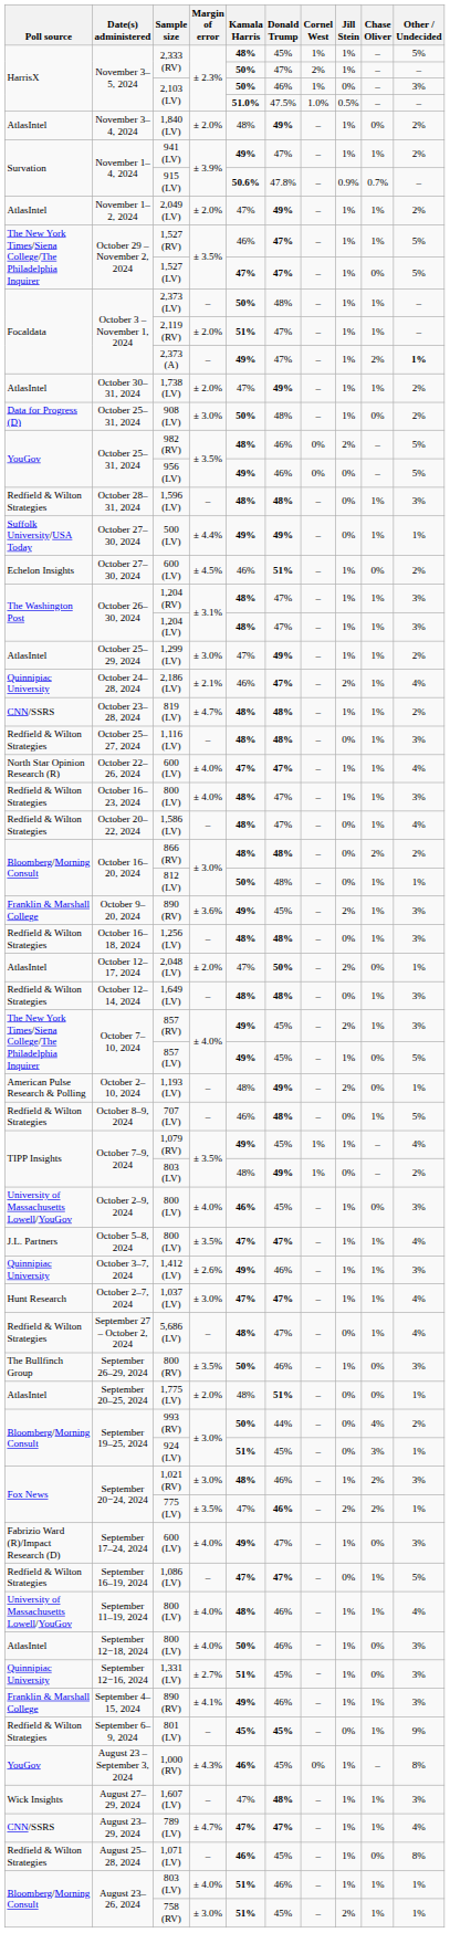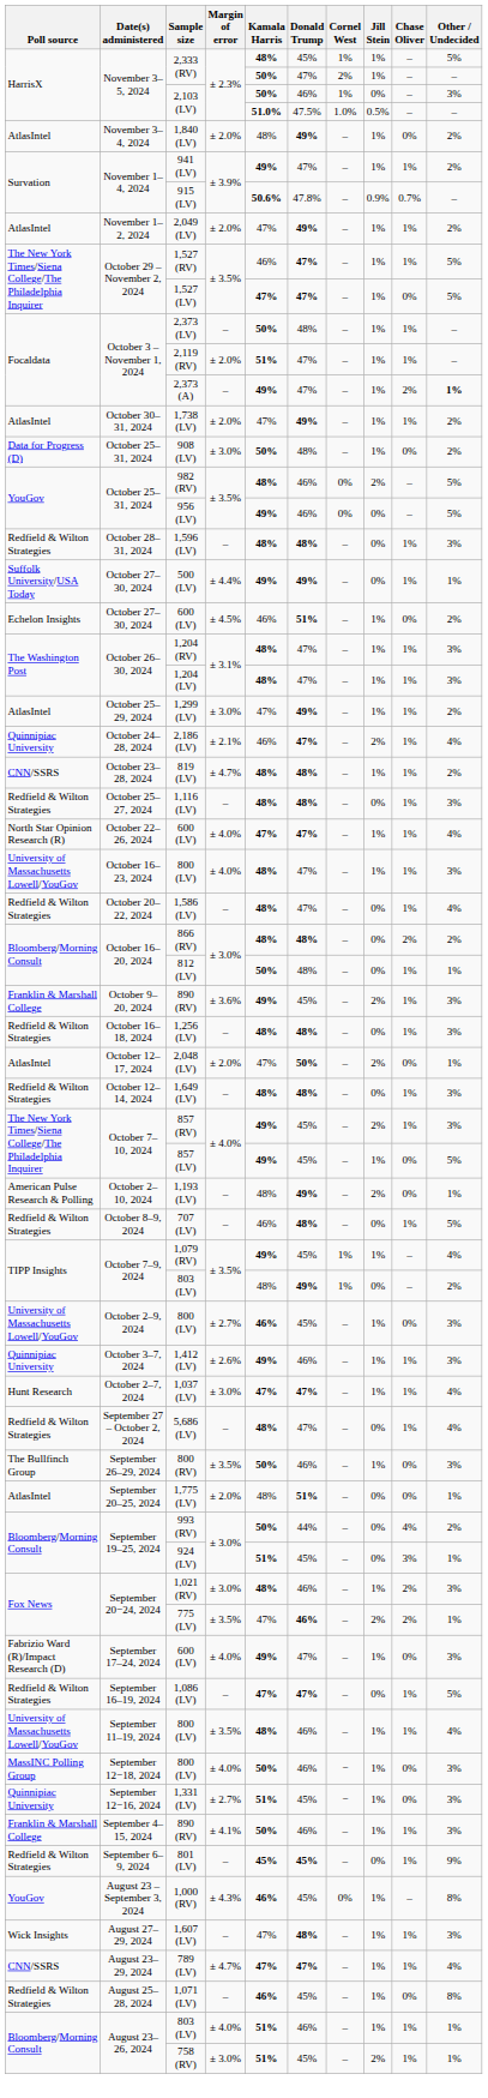 <table class="wikitable sortable mw-datatable" style="font-size:90%;text-align:center;line-height:17px">
 <tr valign=bottom>
 <th>Poll source</th>
 <th>Date(s)<br>administered</th>
 <th>Sample<br>size</th>
 <th>Margin<br>of error</th>
 <th class="unsortable">Kamala<br>Harris<br></th>
 <th class="unsortable">Donald<br>Trump<br></th>
 <th class="unsortable">Cornel<br>West<br></th>
 <th class="unsortable">Jill<br>Stein<br></th>
 <th class="unsortable">Chase<br>Oliver<br></th>
 <th class="unsortable">Other /<br>Undecided</th>
 </tr>
 <tr>
 <td style="text-align:left;" rowspan="4">HarrisX</td>
 <td rowspan="4">November 3–5, 2024</td>
 <td rowspan="2">2,333 (RV)</td>
 <td rowspan="4">± 2.3%</td>
 <td style="background-color:"><strong>48%</strong></td>
 <td>45%</td>
 <td>1%</td>
 <td>1%</td>
 <td>–</td>
 <td>5%</td>
 </tr>
 <tr>
 <td style="background-color:"><strong>50%</strong></td>
 <td>47%</td>
 <td>2%</td>
 <td>1%</td>
 <td>–</td>
 <td>–</td>
 </tr>
 <tr>
 <td rowspan="2">2,103 (LV)</td>
 <td style="background-color:"><strong>50%</strong></td>
 <td>46%</td>
 <td>1%</td>
 <td>0%</td>
 <td>–</td>
 <td>3%</td>
 </tr>
 <tr>
 <td style="background-color:"><strong>51.0%</strong></td>
 <td>47.5%</td>
 <td>1.0%</td>
 <td>0.5%</td>
 <td>–</td>
 <td>–</td>
 </tr>
 <tr>
 <td style="text-align:left;">AtlasIntel</td>
 <td data-sort-value="2024-11-04">November 3–4, 2024</td>
 <td>1,840 (LV)</td>
 <td>± 2.0%</td>
 <td>48%</td>
 <td style="background-color:"><strong>49%</strong></td>
 <td>–</td>
 <td>1%</td>
 <td>0%</td>
 <td>2%</td>
 </tr>
 <tr>
 <td style="text-align:left;" rowspan="2">Survation</td>
 <td rowspan="2">November 1–4, 2024</td>
 <td>941 (LV)</td>
 <td rowspan="2">± 3.9%</td>
 <td style="color:black;background-color:"><strong>49%</strong></td>
 <td>47%</td>
 <td>–</td>
 <td>1%</td>
 <td>1%</td>
 <td>2%</td>
 </tr>
 <tr>
 <td>915 (LV)</td>
 <td style="color:black;background-color:"><strong>50.6%</strong></td>
 <td>47.8%</td>
 <td>–</td>
 <td>0.9%</td>
 <td>0.7%</td>
 <td>–</td>
 </tr>
 <tr>
 <td style="text-align:left;">AtlasIntel</td>
 <td data-sort-value="2024-11-02">November 1–2, 2024</td>
 <td>2,049 (LV)</td>
 <td>± 2.0%</td>
 <td>47%</td>
 <td style="background-color:"><strong>49%</strong></td>
 <td>–</td>
 <td>1%</td>
 <td>1%</td>
 <td>2%</td>
 </tr>
 <tr>
 <td style="text-align:left;" rowspan="2"><a href='#'>The New York Times</a>/<a href='#'>Siena College</a>/<a href='#'>The Philadelphia Inquirer</a></td>
 <td rowspan="2">October 29 – November 2, 2024</td>
 <td>1,527 (RV)</td>
 <td rowspan="2">± 3.5%</td>
 <td>46%</td>
 <td style="background-color:"><strong>47%</strong></td>
 <td>–</td>
 <td>1%</td>
 <td>1%</td>
 <td>5%</td>
 </tr>
 <tr>
 <td>1,527 (LV)</td>
 <td><strong>47%</strong></td>
 <td><strong>47%</strong></td>
 <td>–</td>
 <td>1%</td>
 <td>0%</td>
 <td>5%</td>
 </tr>
 <tr>
 <td style="text-align:left;" rowspan="3">Focaldata</td>
 <td rowspan="3">October 3 – November 1, 2024</td>
 <td>2,373 (LV)</td>
 <td>–</td>
 <td style="background-color:"><strong>50%</strong></td>
 <td>48%</td>
 <td>–</td>
 <td>1%</td>
 <td>1%</td>
 <td>–</td>
 </tr>
 <tr>
 <td>2,119 (RV)</td>
 <td>± 2.0%</td>
 <td style="background-color:"><strong>51%</strong></td>
 <td>47%</td>
 <td>–</td>
 <td>1%</td>
 <td>1%</td>
 <td>–</td>
 </tr>
 <tr>
 <td>2,373 (A)</td>
 <td>–</td>
 <td style="background-color:"><strong>49%</strong></td>
 <td>47%</td>
 <td>–</td>
 <td>1%</td>
 <td>2%</td>
 <td><strong>1%</strong></td>
 </tr>
 <tr>
 <td style="text-align:left;">AtlasIntel</td>
 <td data-sort-value="2024-10-29">October 30–31, 2024</td>
 <td>1,738 (LV)</td>
 <td>± 2.0%</td>
 <td>47%</td>
 <td style="background-color:"><strong>49%</strong></td>
 <td>–</td>
 <td>1%</td>
 <td>1%</td>
 <td>2%</td>
 </tr>
 <tr>
 <td style="text-align:left;"><a href='#'>Data for Progress (D)</a></td>
 <td data-sort-value="2024-10-31">October 25–31, 2024</td>
 <td>908 (LV)</td>
 <td>± 3.0%</td>
 <td style="color:black;background-color:"><strong>50%</strong></td>
 <td>48%</td>
 <td>–</td>
 <td>1%</td>
 <td>0%</td>
 <td>2%</td>
 </tr>
 <tr>
 <td style="text-align:left;" rowspan="2"><a href='#'>YouGov</a></td>
 <td rowspan="2">October 25–31, 2024</td>
 <td>982 (RV)</td>
 <td rowspan="2">± 3.5%</td>
 <td style="color:black;background-color:"><strong>48%</strong></td>
 <td>46%</td>
 <td>0%</td>
 <td>2%</td>
 <td>–</td>
 <td>5%</td>
 </tr>
 <tr>
 <td>956 (LV)</td>
 <td style="color:black;background-color:"><strong>49%</strong></td>
 <td>46%</td>
 <td>0%</td>
 <td>0%</td>
 <td>–</td>
 <td>5%</td>
 </tr>
 <tr>
 <td style="text-align:left;">Redfield & Wilton Strategies</td>
 <td data-sort-value="2024-10-31">October 28–31, 2024</td>
 <td>1,596 (LV)</td>
 <td>–</td>
 <td><strong>48%</strong></td>
 <td><strong>48%</strong></td>
 <td>–</td>
 <td>0%</td>
 <td>1%</td>
 <td>3%</td>
 </tr>
 <tr>
 <td style="text-align:left;"><a href='#'>Suffolk University</a>/<a href='#'>USA Today</a></td>
 <td data-sort-value="2024-10-30">October 27–30, 2024</td>
 <td>500 (LV)</td>
 <td>± 4.4%</td>
 <td><strong>49%</strong></td>
 <td><strong>49%</strong></td>
 <td>–</td>
 <td>0%</td>
 <td>1%</td>
 <td>1%</td>
 </tr>
 <tr>
 <td style="text-align:left;">Echelon Insights</td>
 <td data-sort-value="2024-10-30">October 27–30, 2024</td>
 <td>600 (LV)</td>
 <td>± 4.5%</td>
 <td>46%</td>
 <td style="background-color:"><strong>51%</strong></td>
 <td>–</td>
 <td>1%</td>
 <td>0%</td>
 <td>2%</td>
 </tr>
 <tr>
 <td style="text-align:left;" rowspan="2"><a href='#'>The Washington Post</a></td>
 <td rowspan="2">October 26–30, 2024</td>
 <td>1,204 (RV)</td>
 <td rowspan="2">± 3.1%</td>
 <td style="color:black;background-color:"><strong>48%</strong></td>
 <td>47%</td>
 <td>–</td>
 <td>1%</td>
 <td>1%</td>
 <td>3%</td>
 </tr>
 <tr>
 <td>1,204 (LV)</td>
 <td style="color:black;background-color:"><strong>48%</strong></td>
 <td>47%</td>
 <td>–</td>
 <td>1%</td>
 <td>1%</td>
 <td>3%</td>
 </tr>
 <tr>
 <td style="text-align:left;">AtlasIntel</td>
 <td data-sort-value="2024-10-29">October 25–29, 2024</td>
 <td>1,299 (LV)</td>
 <td>± 3.0%</td>
 <td>47%</td>
 <td style="background-color:"><strong>49%</strong></td>
 <td>–</td>
 <td>1%</td>
 <td>1%</td>
 <td>2%</td>
 </tr>
 <tr>
 <td style="text-align:left;"><a href='#'>Quinnipiac University</a></td>
 <td data-sort-value="2024-10-28">October 24–28, 2024</td>
 <td>2,186 (LV)</td>
 <td>± 2.1%</td>
 <td>46%</td>
 <td style="background-color:"><strong>47%</strong></td>
 <td>–</td>
 <td>2%</td>
 <td>1%</td>
 <td>4%</td>
 </tr>
 <tr>
 <td style="text-align:left;"><a href='#'>CNN</a>/SSRS</td>
 <td data-sort-value="2024-10-28">October 23–28, 2024</td>
 <td>819 (LV)</td>
 <td>± 4.7%</td>
 <td><strong>48%</strong></td>
 <td><strong>48%</strong></td>
 <td>–</td>
 <td>1%</td>
 <td>1%</td>
 <td>2%</td>
 </tr>
 <tr>
 <td style="text-align:left;">Redfield & Wilton Strategies</td>
 <td data-sort-value="2024-10-27">October 25–27, 2024</td>
 <td>1,116 (LV)</td>
 <td>–</td>
 <td><strong>48%</strong></td>
 <td><strong>48%</strong></td>
 <td>–</td>
 <td>0%</td>
 <td>1%</td>
 <td>3%</td>
 </tr>
 <tr>
 <td style="text-align:left;">North Star Opinion Research (R)</td>
 <td data-sort-value="2024-10-26">October 22–26, 2024</td>
 <td>600 (LV)</td>
 <td>± 4.0%</td>
 <td><strong>47%</strong></td>
 <td><strong>47%</strong></td>
 <td>–</td>
 <td>1%</td>
 <td>1%</td>
 <td>4%</td>
 </tr>
 <tr>
-<td style="text-align:left;">Redfield & Wilton Strategies</td>
+<td style="text-align:left;"><a href='#'>University of Massachusetts Lowell</a>/<a href='#'>YouGov</a></td>
 <td data-sort-value="2024-10-23">October 16–23, 2024</td>
 <td>800 (LV)</td>
 <td>± 4.0%</td>
 <td style="color:black;background-color:"><strong>48%</strong></td>
 <td>47%</td>
 <td>–</td>
 <td>1%</td>
 <td>1%</td>
 <td>3%</td>
 </tr>
 <tr>
 <td style="text-align:left;">Redfield & Wilton Strategies</td>
 <td data-sort-value="2024-10-22">October 20–22, 2024</td>
 <td>1,586 (LV)</td>
 <td>–</td>
 <td style="color:black;background-color:"><strong>48%</strong></td>
 <td>47%</td>
 <td>–</td>
 <td>0%</td>
 <td>1%</td>
 <td>4%</td>
 </tr>
 <tr>
 <td rowspan="2" style="text-align:left;"><a href='#'>Bloomberg</a>/<a href='#'>Morning Consult</a></td>
 <td rowspan="2">October 16–20, 2024</td>
 <td>866 (RV)</td>
 <td rowspan="2">± 3.0%</td>
 <td><strong>48%</strong></td>
 <td><strong>48%</strong></td>
 <td>–</td>
 <td>0%</td>
 <td>2%</td>
 <td>2%</td>
 </tr>
 <tr>
 <td>812 (LV)</td>
 <td style="color:black;background-color:"><strong>50%</strong></td>
 <td>48%</td>
 <td>–</td>
 <td>0%</td>
 <td>1%</td>
 <td>1%</td>
 </tr>
 <tr>
 <td style="text-align:left;"><a href='#'>Franklin & Marshall College</a></td>
 <td data-sort-value="2024-10-20">October 9–20, 2024</td>
 <td>890 (RV)</td>
 <td>± 3.6%</td>
 <td style="color:black;background-color:"><strong>49%</strong></td>
 <td>45%</td>
 <td>–</td>
 <td>2%</td>
 <td>1%</td>
 <td>3%</td>
 </tr>
 <tr>
 <td style="text-align:left;">Redfield & Wilton Strategies</td>
 <td data-sort-value="2024-10-18">October 16–18, 2024</td>
 <td>1,256 (LV)</td>
 <td>–</td>
 <td><strong>48%</strong></td>
 <td><strong>48%</strong></td>
 <td>–</td>
 <td>0%</td>
 <td>1%</td>
 <td>3%</td>
 </tr>
 <tr>
 <td style="text-align:left;">AtlasIntel</td>
 <td data-sort-value="2024-10-17">October 12–17, 2024</td>
 <td>2,048 (LV)</td>
 <td>± 2.0%</td>
 <td>47%</td>
 <td style="background-color:"><strong>50%</strong></td>
 <td>–</td>
 <td>2%</td>
 <td>0%</td>
 <td>1%</td>
 </tr>
 <tr>
 <td style="text-align:left;">Redfield & Wilton Strategies</td>
 <td data-sort-value="2024-10-14">October 12–14, 2024</td>
 <td>1,649 (LV)</td>
 <td>–</td>
 <td><strong>48%</strong></td>
 <td><strong>48%</strong></td>
 <td>–</td>
 <td>0%</td>
 <td>1%</td>
 <td>3%</td>
 </tr>
 <tr>
 <td style="text-align:left;" rowspan="2"><a href='#'>The New York Times</a>/<a href='#'>Siena College</a>/<a href='#'>The Philadelphia Inquirer</a></td>
 <td rowspan="2">October 7–10, 2024</td>
 <td>857 (RV)</td>
 <td rowspan="2">± 4.0%</td>
 <td style="color:black;background-color:"><strong>49%</strong></td>
 <td>45%</td>
 <td>–</td>
 <td>2%</td>
 <td>1%</td>
 <td>3%</td>
 </tr>
 <tr>
 <td>857 (LV)</td>
 <td style="color:black;background-color:"><strong>49%</strong></td>
 <td>45%</td>
 <td>–</td>
 <td>1%</td>
 <td>0%</td>
 <td>5%</td>
 </tr>
 <tr>
 <td style="text-align:left;">American Pulse Research & Polling</td>
 <td data-sort-value="2024-10-10">October 2–10, 2024</td>
 <td>1,193 (LV)</td>
 <td>–</td>
 <td>48%</td>
 <td style="background-color:"><strong>49%</strong></td>
 <td>–</td>
 <td>2%</td>
 <td>0%</td>
 <td>1%</td>
 </tr>
 <tr>
 <td style="text-align:left;">Redfield & Wilton Strategies</td>
 <td data-sort-value="2024-10-09">October 8–9, 2024</td>
 <td>707 (LV)</td>
 <td>–</td>
 <td>46%</td>
 <td style="background-color:"><strong>48%</strong></td>
 <td>–</td>
 <td>0%</td>
 <td>1%</td>
 <td>5%</td>
 </tr>
 <tr>
 <td style="text-align:left;" rowspan="2">TIPP Insights</td>
 <td rowspan="2">October 7–9, 2024</td>
 <td>1,079 (RV)</td>
 <td rowspan="2">± 3.5%</td>
 <td style="color:black;background-color:"><strong>49%</strong></td>
 <td>45%</td>
 <td>1%</td>
 <td>1%</td>
 <td>–</td>
 <td>4%</td>
 </tr>
 <tr>
 <td>803 (LV)</td>
 <td>48%</td>
 <td style="background-color:"><strong>49%</strong></td>
 <td>1%</td>
 <td>0%</td>
 <td>–</td>
 <td>2%</td>
 </tr>
 <tr>
 <td style="text-align:left;"><a href='#'>University of Massachusetts Lowell</a>/<a href='#'>YouGov</a></td>
 <td data-sort-value="2024-10-09">October 2–9, 2024</td>
 <td>800 (LV)</td>
-<td>± 4.0%</td>
+<td>± 2.7%</td>
 <td style="color:black;background-color:"><strong>46%</strong></td>
 <td>45%</td>
 <td>–</td>
 <td>1%</td>
 <td>0%</td>
 <td>3%</td>
-</tr>
-<tr>
-<td style="text-align:left;">J.L. Partners</td>
-<td data-sort-value="2024-10-08">October 5–8, 2024</td>
-<td>800 (LV)</td>
-<td>± 3.5%</td>
-<td><strong>47%</strong></td>
-<td><strong>47%</strong></td>
-<td>–</td>
-<td>1%</td>
-<td>1%</td>
-<td>4%</td>
 </tr>
 <tr>
 <td style="text-align:left;"><a href='#'>Quinnipiac University</a></td>
 <td data-sort-value="2024-10-07">October 3–7, 2024</td>
 <td>1,412 (LV)</td>
 <td>± 2.6%</td>
 <td style="color:black;background-color:"><strong>49%</strong></td>
 <td>46%</td>
 <td>–</td>
 <td>1%</td>
 <td>1%</td>
 <td>3%</td>
 </tr>
 <tr>
 <td style="text-align:left;">Hunt Research</td>
 <td data-sort-value="2024-10-07">October 2–7, 2024</td>
 <td>1,037 (LV)</td>
 <td>± 3.0%</td>
 <td><strong>47%</strong></td>
 <td><strong>47%</strong></td>
 <td>–</td>
 <td>1%</td>
 <td>1%</td>
 <td>4%</td>
 </tr>
 <tr>
 <td style="text-align:left;">Redfield & Wilton Strategies</td>
 <td data-sort-value="2024-10-02">September 27 – October 2, 2024</td>
 <td>5,686 (LV)</td>
 <td>–</td>
 <td style="color:black;background-color:"><strong>48%</strong></td>
 <td>47%</td>
 <td>–</td>
 <td>0%</td>
 <td>1%</td>
 <td>4%</td>
 </tr>
 <tr>
 <td style="text-align:left;">The Bullfinch Group</td>
 <td data-sort-value="2024-09-29">September 26–29, 2024</td>
 <td>800 (RV)</td>
 <td>± 3.5%</td>
 <td style="color:black;background-color:"><strong>50%</strong></td>
 <td>46%</td>
 <td>–</td>
 <td>1%</td>
 <td>0%</td>
 <td>3%</td>
 </tr>
 <tr>
 <td style="text-align:left;">AtlasIntel</td>
 <td data-sort-value="2024-09-25">September 20–25, 2024</td>
 <td>1,775 (LV)</td>
 <td>± 2.0%</td>
 <td>48%</td>
 <td style="background-color:"><strong>51%</strong></td>
 <td>–</td>
 <td>0%</td>
 <td>0%</td>
 <td>1%</td>
 </tr>
 <tr>
 <td rowspan="2" style="text-align:left;"><a href='#'>Bloomberg</a>/<a href='#'>Morning Consult</a></td>
 <td rowspan="2">September 19–25, 2024</td>
 <td>993 (RV)</td>
 <td rowspan="2">± 3.0%</td>
 <td style="color:black;background-color:"><strong>50%</strong></td>
 <td>44%</td>
 <td>–</td>
 <td>0%</td>
 <td>4%</td>
 <td>2%</td>
 </tr>
 <tr>
 <td>924 (LV)</td>
 <td style="color:black;background-color:"><strong>51%</strong></td>
 <td>45%</td>
 <td>–</td>
 <td>0%</td>
 <td>3%</td>
 <td>1%</td>
 </tr>
 <tr>
 <td style="text-align:left;" rowspan="2"><a href='#'>Fox News</a></td>
 <td rowspan="2">September 20−24, 2024</td>
 <td>1,021 (RV)</td>
 <td>± 3.0%</td>
 <td style="color:black;background-color:"><strong>48%</strong></td>
 <td>46%</td>
 <td>–</td>
 <td>1%</td>
 <td>2%</td>
 <td>3%</td>
 </tr>
 <tr>
 <td>775 (LV)</td>
 <td>± 3.5%</td>
 <td>47%</td>
 <td style="background-color:"><strong>46%</strong></td>
 <td>–</td>
 <td>2%</td>
 <td>2%</td>
 <td>1%</td>
 </tr>
 <tr>
 <td style="text-align:left;">Fabrizio Ward (R)/Impact Research (D)</td>
 <td data-sort-value="2024-09-24">September 17–24, 2024</td>
 <td>600 (LV)</td>
 <td>± 4.0%</td>
 <td style="color:black;background-color:"><strong>49%</strong></td>
 <td>47%</td>
 <td>–</td>
 <td>1%</td>
 <td>0%</td>
 <td>3%</td>
 </tr>
 <tr>
 <td style="text-align:left;">Redfield & Wilton Strategies</td>
 <td data-sort-value="2024-09-19">September 16–19, 2024</td>
 <td>1,086 (LV)</td>
 <td>–</td>
 <td><strong>47%</strong></td>
 <td><strong>47%</strong></td>
 <td>–</td>
 <td>0%</td>
 <td>1%</td>
 <td>5%</td>
 </tr>
 <tr>
 <td style="text-align:left;"><a href='#'>University of Massachusetts Lowell</a>/<a href='#'>YouGov</a></td>
 <td data-sort-value="2024-09-19">September 11–19, 2024</td>
 <td>800 (LV)</td>
-<td>± 4.0%</td>
+<td>± 3.5%</td>
 <td style="color:black;background-color:"><strong>48%</strong></td>
 <td>46%</td>
 <td>–</td>
 <td>1%</td>
 <td>1%</td>
 <td>4%</td>
 </tr>
 <tr>
-<td style="text-align:left;">AtlasIntel</td>
+<td style="text-align:left;"><a href='#'>MassINC Polling Group</a></td>
 <td data-sort-value="2024-09-18">September 12−18, 2024</td>
 <td>800 (LV)</td>
 <td>± 4.0%</td>
 <td style="color:black;background-color:"><strong>50%</strong></td>
 <td>46%</td>
 <td>−</td>
 <td>1%</td>
 <td>0%</td>
 <td>3%</td>
 </tr>
 <tr>
 <td style="text-align:left;"><a href='#'>Quinnipiac University</a></td>
 <td data-sort-value="2024-09-16">September 12−16, 2024</td>
 <td>1,331 (LV)</td>
 <td>± 2.7%</td>
 <td style="color:black;background-color:"><strong>51%</strong></td>
 <td>45%</td>
 <td>−</td>
 <td>1%</td>
 <td>0%</td>
 <td>3%</td>
 </tr>
 <tr>
 <td style="text-align:left;"><a href='#'>Franklin & Marshall College</a></td>
 <td data-sort-value="2024-09-15">September 4–15, 2024</td>
 <td>890 (RV)</td>
 <td>± 4.1%</td>
-<td style="color:black;background-color:"><strong>49%</strong></td>
+<td style="color:black;background-color:"><strong>50%</strong></td>
 <td>46%</td>
 <td>–</td>
 <td>1%</td>
 <td>1%</td>
 <td>3%</td>
 </tr>
 <tr>
 <td style="text-align:left;">Redfield & Wilton Strategies</td>
 <td data-sort-value="2024-09-6">September 6–9, 2024</td>
 <td>801 (LV)</td>
 <td>–</td>
 <td><strong>45%</strong></td>
 <td><strong>45%</strong></td>
 <td>–</td>
 <td>0%</td>
 <td>1%</td>
 <td>9%</td>
 </tr>
 <tr>
 <td style="text-align:left;"><a href='#'>YouGov</a></td>
 <td data-sort-value="2024-09-03">August 23 – September 3, 2024</td>
 <td>1,000 (RV)</td>
 <td>± 4.3%</td>
 <td style="color:black;background-color:"><strong>46%</strong></td>
 <td>45%</td>
 <td>0%</td>
 <td>1%</td>
 <td>–</td>
 <td>8%</td>
 </tr>
 <tr>
 <td style="text-align:left;">Wick Insights</td>
 <td data-sort-value="2024-08-29">August 27–29, 2024</td>
 <td>1,607 (LV)</td>
 <td>–</td>
 <td>47%</td>
 <td style="background-color:"><strong>48%</strong></td>
 <td>–</td>
 <td>1%</td>
 <td>1%</td>
 <td>3%</td>
 </tr>
 <tr>
 <td style="text-align:left;"><a href='#'>CNN</a>/SSRS</td>
 <td data-sort-value="2024-08-29">August 23–29, 2024</td>
 <td>789 (LV)</td>
 <td>± 4.7%</td>
 <td><strong>47%</strong></td>
 <td><strong>47%</strong></td>
 <td>–</td>
 <td>1%</td>
 <td>1%</td>
 <td>4%</td>
 </tr>
 <tr>
 <td style="text-align:left;">Redfield & Wilton Strategies</td>
 <td data-sort-value="2024-08-28">August 25–28, 2024</td>
 <td>1,071 (LV)</td>
 <td>–</td>
 <td style="color:black;background-color:"><strong>46%</strong></td>
 <td>45%</td>
 <td>–</td>
 <td>1%</td>
 <td>0%</td>
 <td>8%</td>
 </tr>
 <tr>
 <td rowspan="2" style="text-align:left;"><a href='#'>Bloomberg</a>/<a href='#'>Morning Consult</a></td>
 <td rowspan="2">August 23–26, 2024</td>
 <td>803 (LV)</td>
 <td>± 4.0%</td>
 <td style="color:black;background-color:"><strong>51%</strong></td>
 <td>46%</td>
 <td>–</td>
 <td>1%</td>
 <td>1%</td>
 <td>1%</td>
 </tr>
 <tr>
 <td>758 (RV)</td>
 <td>± 3.0%</td>
 <td style="color:black;background-color:"><strong>51%</strong></td>
 <td>45%</td>
 <td>–</td>
 <td>2%</td>
 <td>1%</td>
 <td>1%</td>
 </tr>
 </table>
